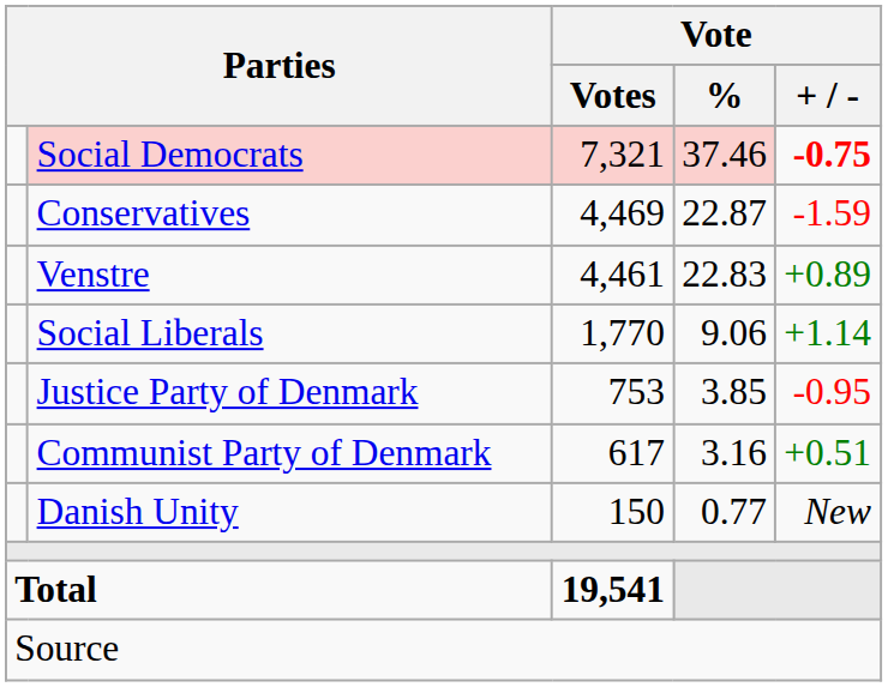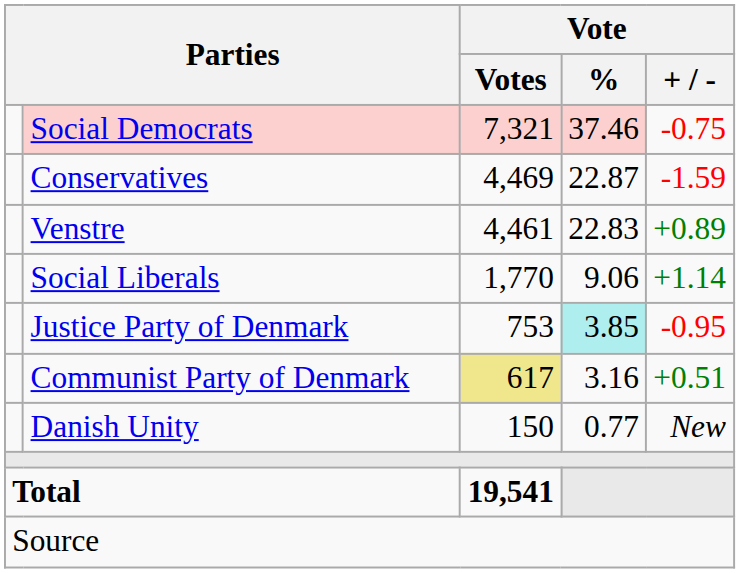 <table class="wikitable" style="text-align:right;">
 <tr>
 <th style="text-align:centre;" rowspan="2" colspan="2" width="225">Parties</th>
 <th colspan="3">Vote</th>
 </tr>
 <tr>
 <th width="15">Votes</th>
 <th width="15">%</th>
 <th width="15">+ / -</th>
 </tr>
 <tr>
 <td width="2" style="color:inherit;background:"></td>
 <td bgcolor=#fbd0ce  align="left"><a href='#'>Social Democrats</a></td>
 <td bgcolor=#fbd0ce>7,321</td>
 <td bgcolor=#fbd0ce>37.46</td>
-<td style=color:red;><strong>-0.75</strong></td>
+<td style=color:red;>-0.75</td>
 </tr>
 <tr>
 <td width="2" style="color:inherit;background:"></td>
 <td align="left"><a href='#'>Conservatives</a></td>
 <td>4,469</td>
 <td>22.87</td>
 <td style=color:red;>-1.59</td>
 </tr>
 <tr>
 <td width="2" style="color:inherit;background:"></td>
 <td align="left"><a href='#'>Venstre</a></td>
 <td>4,461</td>
 <td>22.83</td>
 <td style=color:green;>+0.89</td>
 </tr>
 <tr>
 <td width="2" style="color:inherit;background:"></td>
 <td align="left"><a href='#'>Social Liberals</a></td>
 <td>1,770</td>
 <td>9.06</td>
 <td style=color:green;>+1.14</td>
 </tr>
 <tr>
 <td width="2" style="color:inherit;background:"></td>
 <td align="left"><a href='#'>Justice Party of Denmark</a></td>
 <td>753</td>
-<td>3.85</td>
+<td style="background: paleturquoise;">3.85</td>
 <td style=color:red;>-0.95</td>
 </tr>
 <tr>
 <td width="2" style="color:inherit;background:"></td>
 <td align="left"><a href='#'>Communist Party of Denmark</a></td>
-<td>617</td>
+<td style="background: khaki;">617</td>
 <td>3.16</td>
 <td style=color:green;>+0.51</td>
 </tr>
 <tr>
 <td width="2" style="color:inherit;background:"></td>
 <td align="left"><a href='#'>Danish Unity</a></td>
 <td>150</td>
 <td>0.77</td>
 <td><em>New</em></td>
 </tr>
 <tr>
 <td colspan="7" bgcolor="#E9E9E9"></td>
 </tr>
 <tr>
 <td align="left" colspan="2"><strong>Total</strong></td>
 <td><strong>19,541</strong></td>
 <td bgcolor="#E9E9E9" colspan="2"></td>
 </tr>
 <tr>
 <td align="left" colspan="6">Source</td>
 </tr>
 </table>
